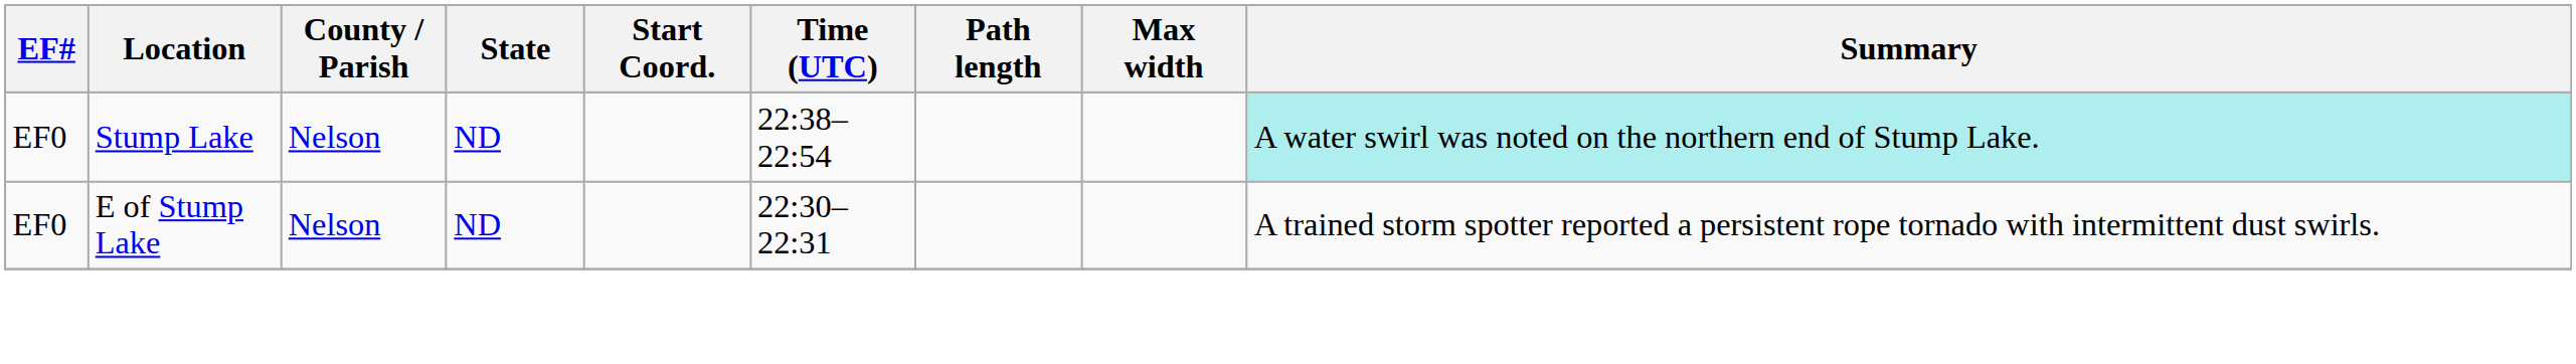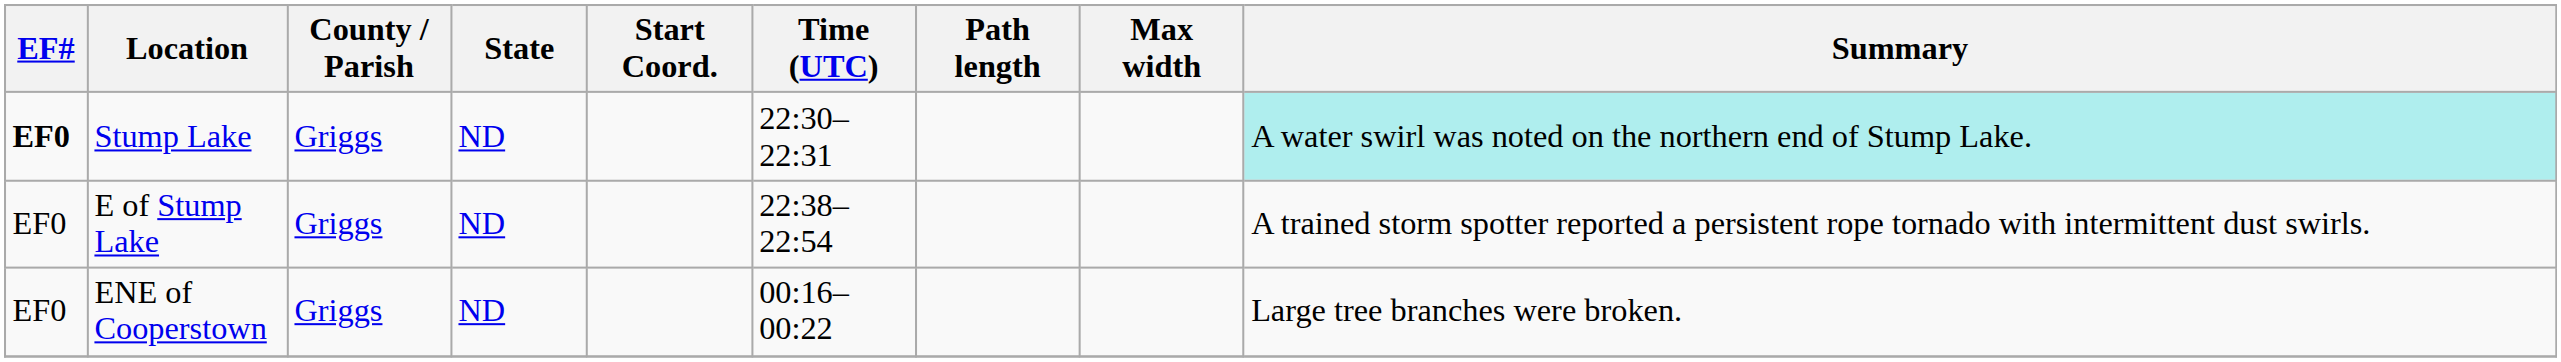 <table class="wikitable sortable" style="width:100%;">
 <tr>
 <th scope="col"  style="width:3%; text-align:center;"><a href='#'>EF#</a></th>
 <th scope="col"  style="width:7%; text-align:center;" class="unsortable">Location</th>
 <th scope="col"  style="width:6%; text-align:center;" class="unsortable">County / Parish</th>
 <th scope="col"  style="width:5%; text-align:center;">State</th>
 <th scope="col"  style="width:6%; text-align:center;">Start Coord.</th>
 <th scope="col"  style="width:6%; text-align:center;">Time (<a href='#'>UTC</a>)</th>
 <th scope="col"  style="width:6%; text-align:center;">Path length</th>
 <th scope="col"  style="width:6%; text-align:center;">Max width</th>
 <th scope="col" class="unsortable" style="width:48%; text-align:center;">Summary</th>
 </tr>
 <tr>
-<td>EF0</td>
+<td><strong>EF0</strong></td>
 <td><a href='#'>Stump Lake</a></td>
-<td><a href='#'>Nelson</a></td>
+<td><a href='#'>Griggs</a></td>
 <td><a href='#'>ND</a></td>
 <td></td>
-<td>22:38–22:54</td>
+<td>22:30–22:31</td>
 <td></td>
 <td></td>
 <td style="background: paleturquoise;">A water swirl was noted on the northern end of Stump Lake.</td>
 </tr>
 <tr>
 <td>EF0</td>
 <td>E of <a href='#'>Stump Lake</a></td>
-<td><a href='#'>Nelson</a></td>
+<td><a href='#'>Griggs</a></td>
 <td><a href='#'>ND</a></td>
 <td></td>
-<td>22:30–22:31</td>
+<td>22:38–22:54</td>
 <td></td>
 <td></td>
 <td>A trained storm spotter reported a persistent rope tornado with intermittent dust swirls.</td>
 </tr>
 <tr>
+<td>EF0</td>
+<td>ENE of <a href='#'>Cooperstown</a></td>
+<td><a href='#'>Griggs</a></td>
+<td><a href='#'>ND</a></td>
+<td></td>
+<td>00:16–00:22</td>
+<td></td>
+<td></td>
+<td>Large tree branches were broken.</td>
+</tr>
+<tr>
 </tr>
 </table>
